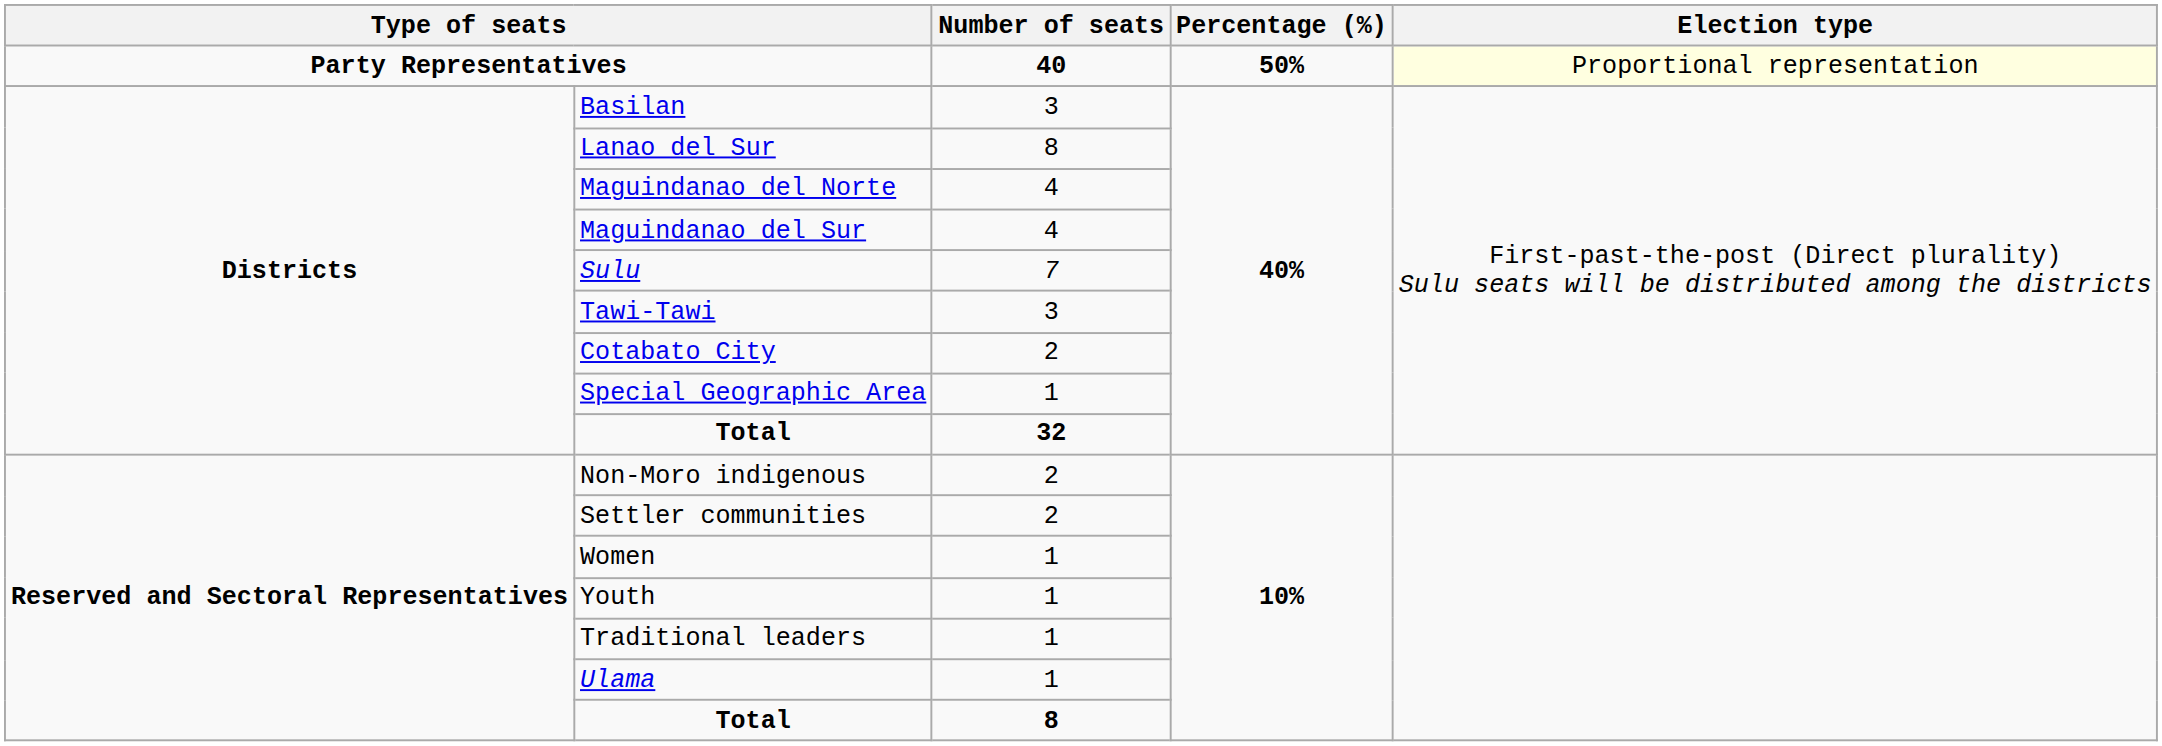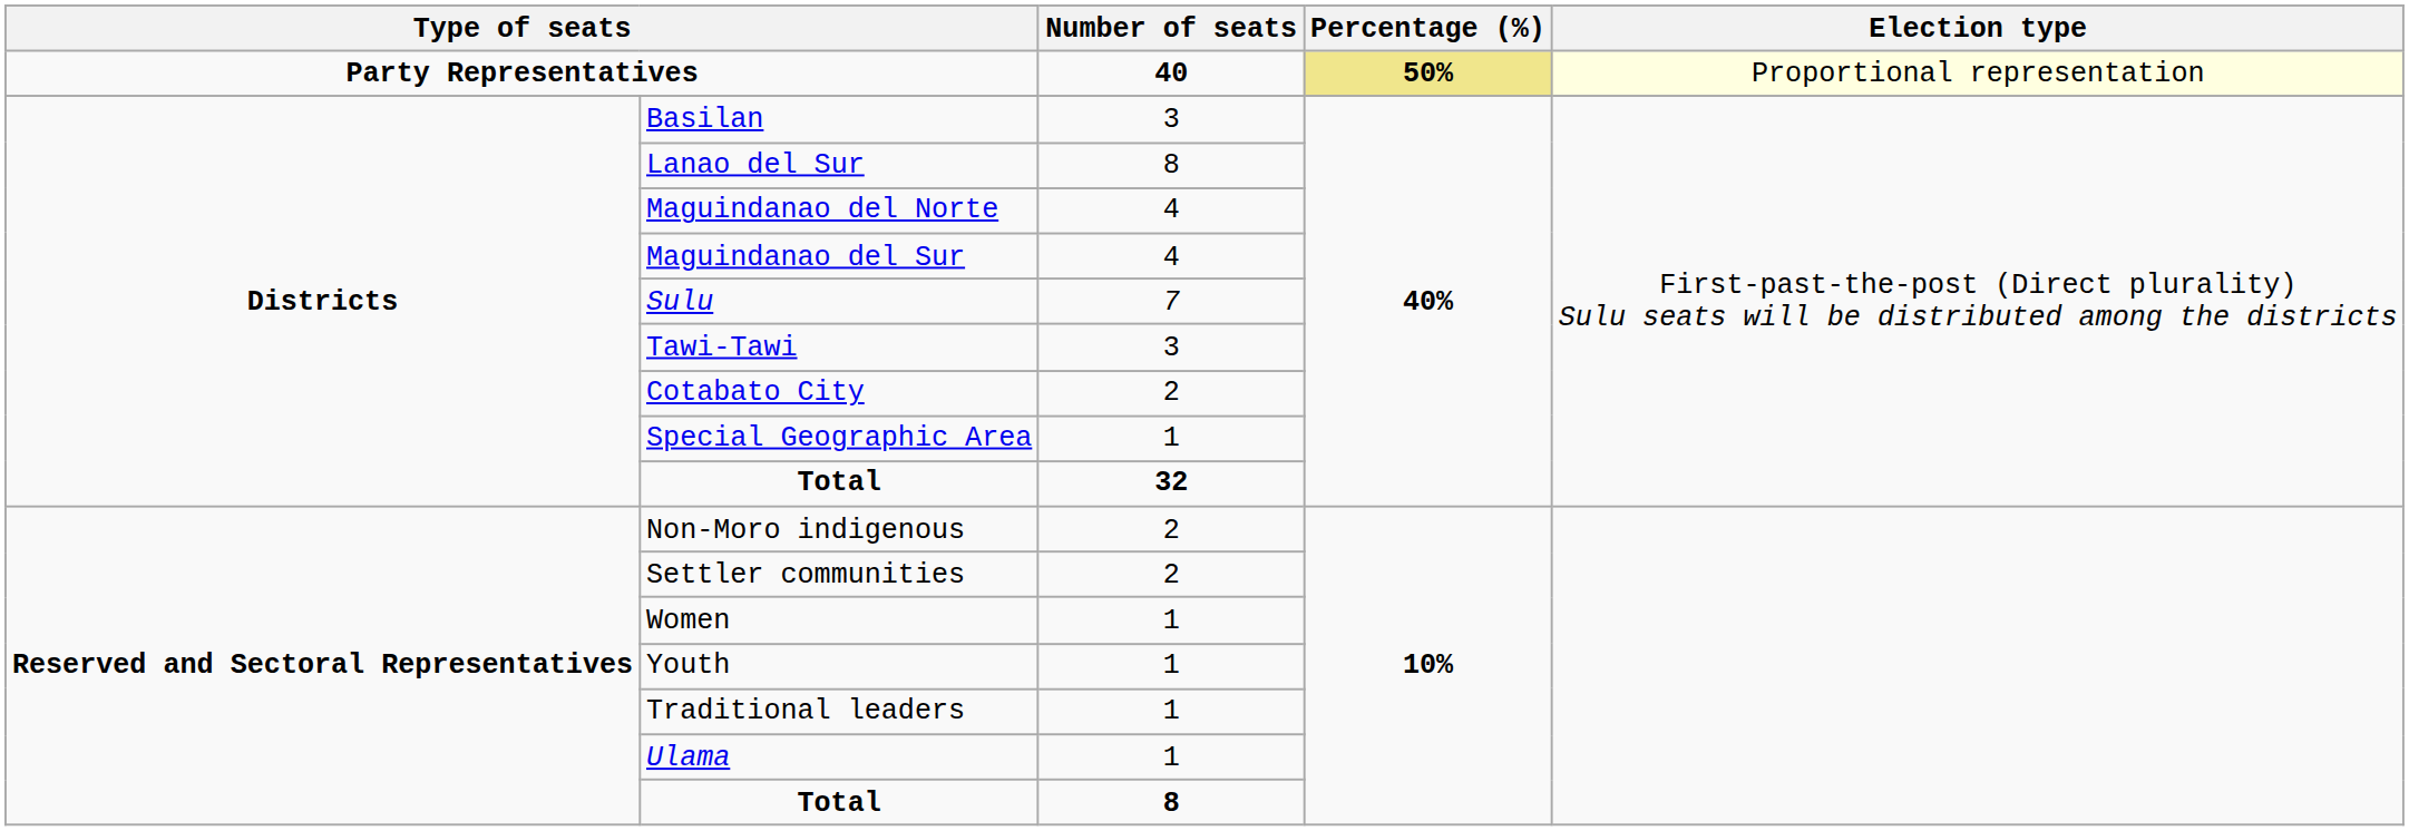 <table class="wikitable sortable" style="text-align:center;">
 <tr>
 <th colspan="2">Type of seats</th>
 <th>Number of seats</th>
 <th>Percentage (%)</th>
 <th>Election type</th>
 </tr>
 <tr>
 <td colspan="2"><strong>Party</strong> <strong>Representatives</strong></td>
 <td><strong>40</strong></td>
-<td><strong>50%</strong></td>
+<td style="background: khaki;"><strong>50%</strong></td>
 <td style="background: lightyellow;">Proportional representation</td>
 </tr>
 <tr>
 <td rowspan="9"><strong>Districts</strong></td>
 <td align="left"><a href='#'>Basilan</a></td>
 <td>3</td>
 <td rowspan="9"><strong>40%</strong></td>
 <td rowspan="9">First-past-the-post (Direct plurality)<br><em>Sulu seats will be distributed among the districts</em></td>
 </tr>
 <tr>
 <td align="left"><a href='#'>Lanao del Sur</a></td>
 <td>8</td>
 </tr>
 <tr>
 <td align="left"><a href='#'>Maguindanao del Norte</a></td>
 <td>4</td>
 </tr>
 <tr>
 <td align="left"><a href='#'>Maguindanao del Sur</a></td>
 <td>4</td>
 </tr>
 <tr>
 <td align="left"><em><a href='#'>Sulu</a></em></td>
 <td><em>7</em></td>
 </tr>
 <tr>
 <td align="left"><a href='#'>Tawi-Tawi</a></td>
 <td>3</td>
 </tr>
 <tr>
 <td align="left"><a href='#'>Cotabato City</a></td>
 <td>2</td>
 </tr>
 <tr>
 <td align="left"><a href='#'>Special Geographic Area</a></td>
 <td>1</td>
 </tr>
 <tr>
 <td><strong>Total</strong></td>
 <td><strong>32</strong></td>
 </tr>
 <tr>
 <td rowspan="7"><strong>Reserved and</strong> <strong>Sectoral Representatives</strong></td>
 <td align="left">Non-Moro indigenous</td>
 <td>2</td>
 <td rowspan="7"><strong>10%</strong></td>
 <td rowspan="7"></td>
 </tr>
 <tr>
 <td align="left">Settler communities</td>
 <td>2</td>
 </tr>
 <tr>
 <td align="left">Women</td>
 <td>1</td>
 </tr>
 <tr>
 <td align="left">Youth</td>
 <td>1</td>
 </tr>
 <tr>
 <td align="left">Traditional leaders</td>
 <td>1</td>
 </tr>
 <tr>
 <td align="left"><em><a href='#'>Ulama</a></em></td>
 <td>1</td>
 </tr>
 <tr>
 <td><strong>Total</strong></td>
 <td><strong>8</strong></td>
 </tr>
 </table>
